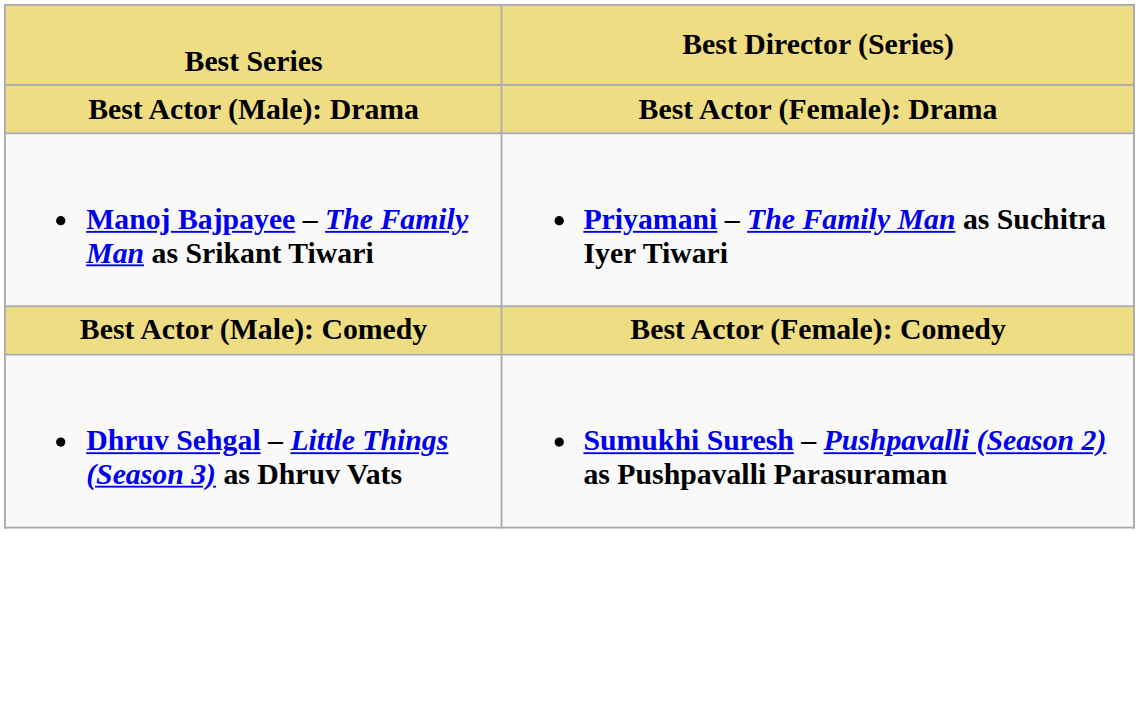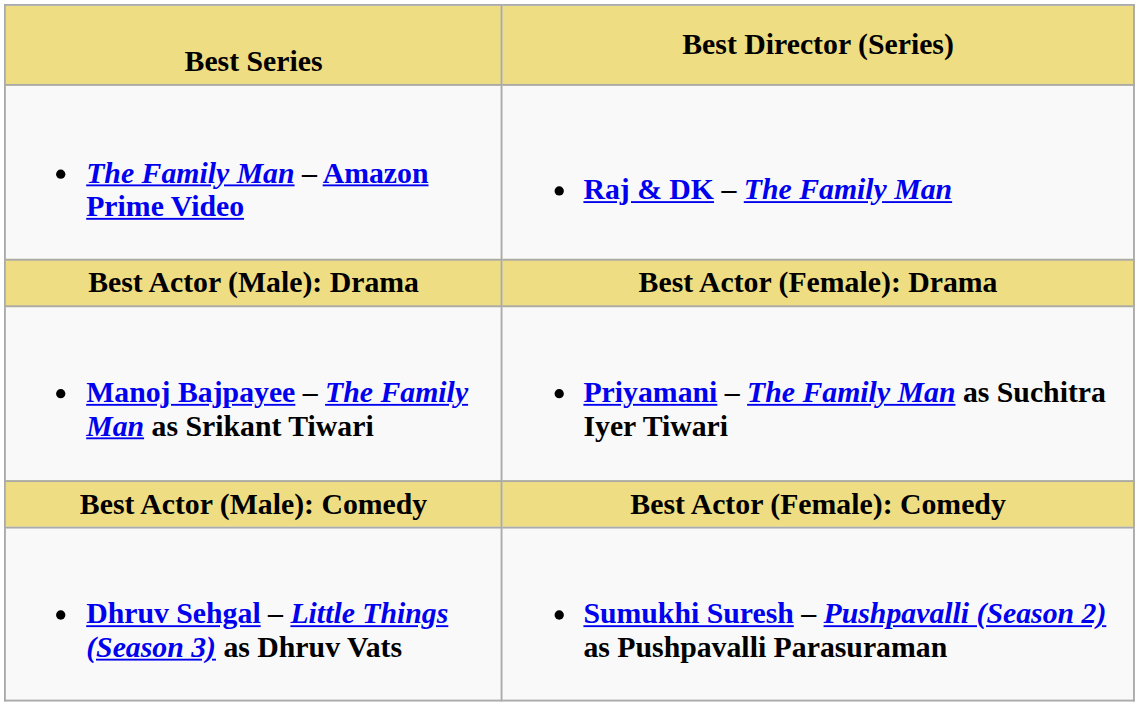 <table class="wikitable">
 <tr>
 <th colspan=1 style="background:#EEDD82;"><br>Best Series</th>
 <th colspan=1 style="background:#EEDD82;">Best Director (Series)</th>
+</tr>
+<tr>
+<td colspan=1><br><ul><li><strong><a href='#'><em>The Family Man</em></a> – <a href='#'>Amazon Prime Video</a></strong></li></ul></td>
+<td colspan=1><br><ul><li><strong><a href='#'>Raj & DK</a> – <a href='#'><em>The Family Man</em></a></strong></li></ul></td>
 </tr>
 <tr>
 <th colspan=1 style="background:#EEDD82;">Best Actor (Male): Drama</th>
 <th colspan=1 style="background:#EEDD82;">Best Actor (Female): Drama</th>
 </tr>
 <tr>
 <td colspan=1><br><ul><li><strong><a href='#'>Manoj Bajpayee</a> – <em><a href='#'>The Family Man</a></em> as Srikant Tiwari</strong></li></ul></td>
 <td colspan=1><br><ul><li><strong><a href='#'>Priyamani</a> – <em><a href='#'>The Family Man</a></em> as Suchitra Iyer Tiwari</strong></li></ul></td>
 </tr>
 <tr>
 <th colspan=1 style="background:#EEDD82;">Best Actor (Male): Comedy</th>
 <th colspan=1 style="background:#EEDD82;">Best Actor (Female): Comedy</th>
 </tr>
 <tr>
 <td colspan=1><br><ul><li><strong><a href='#'>Dhruv Sehgal</a> – <em><a href='#'>Little Things (Season 3)</a></em> as Dhruv Vats</strong></li></ul></td>
 <td colspan=1><br><ul><li><strong><a href='#'>Sumukhi Suresh</a> – <em><a href='#'>Pushpavalli (Season 2)</a></em> as Pushpavalli Parasuraman</strong></li></ul></td>
 </tr>
 </table>
